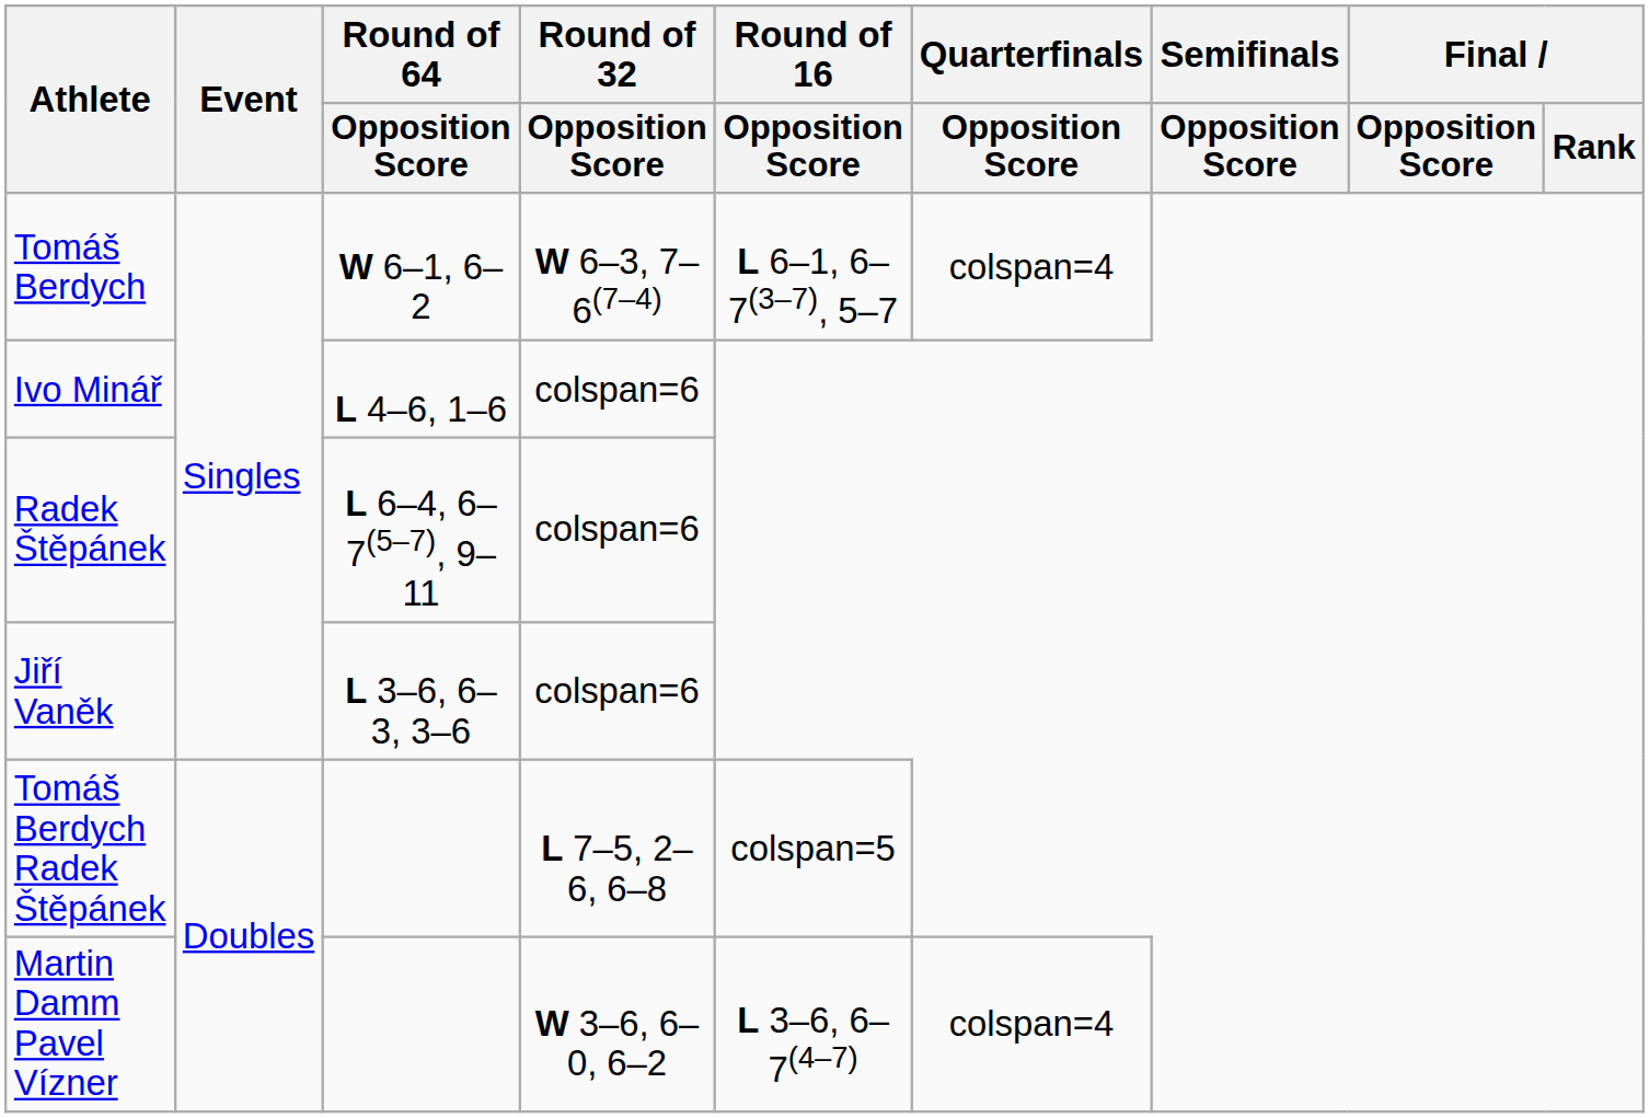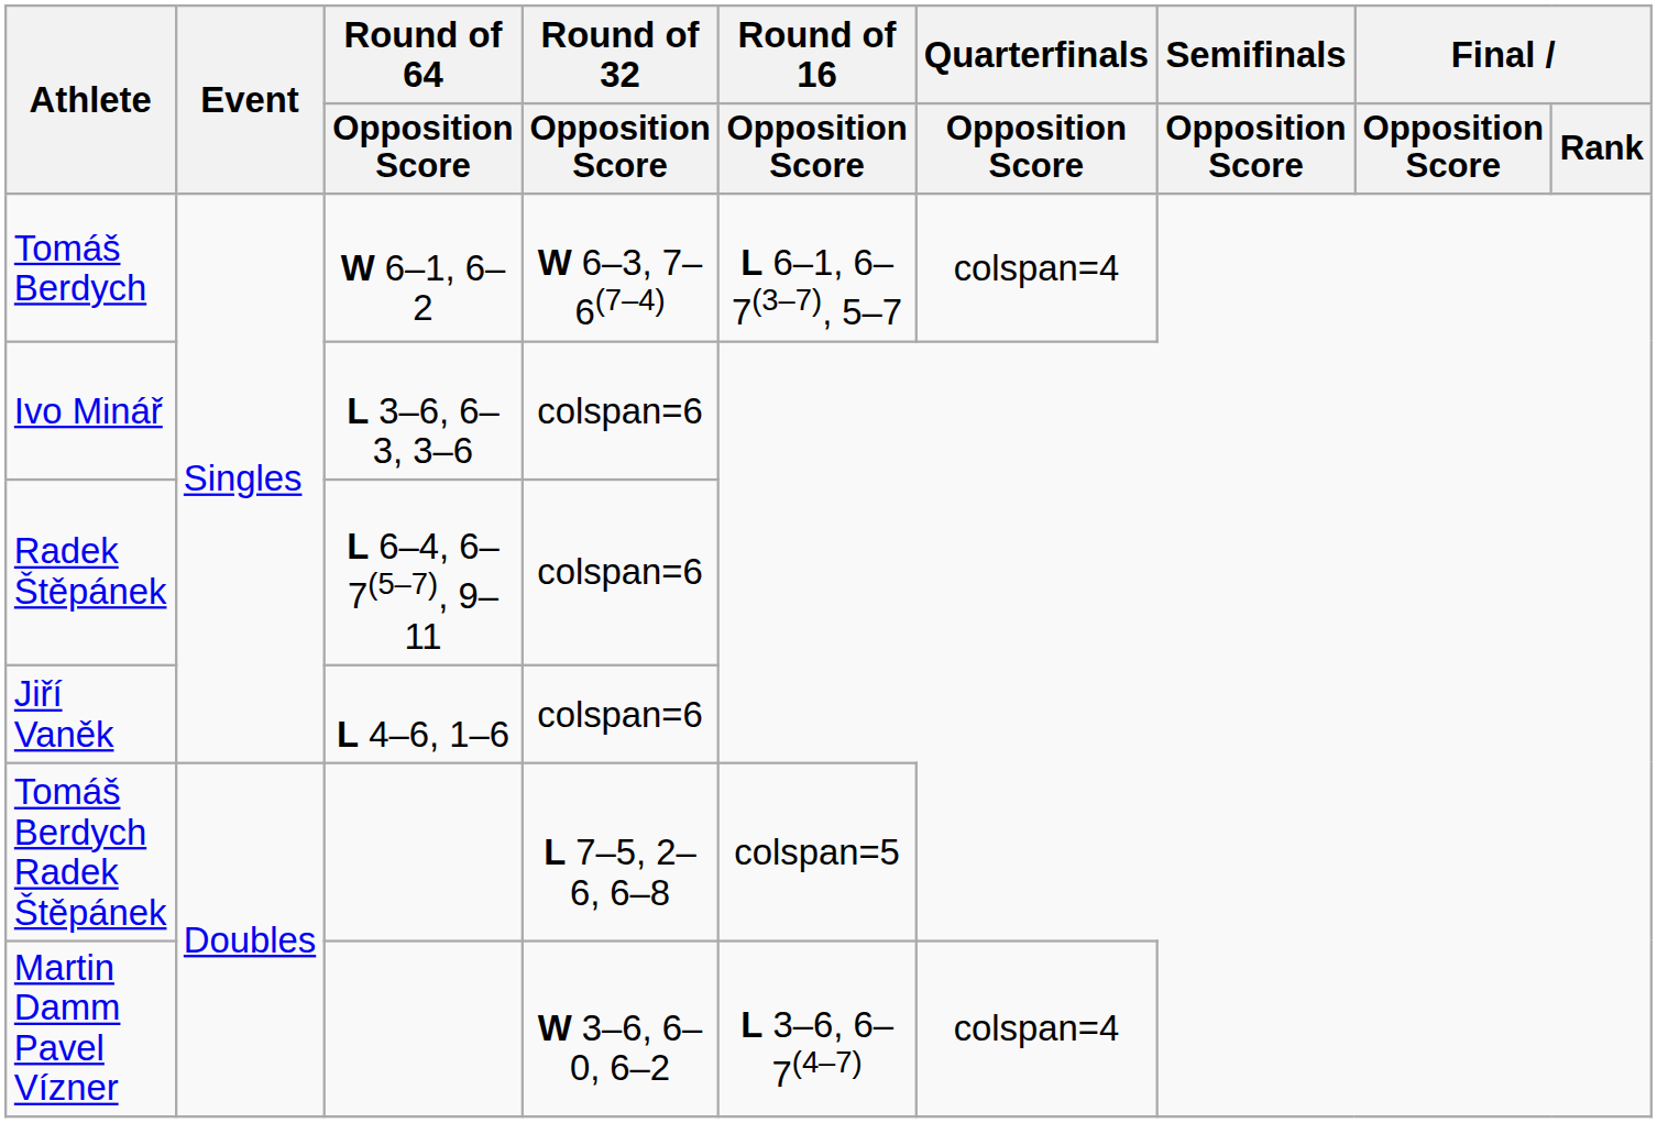 <table class=wikitable style="font-size:90%">
 <tr>
 <th rowspan="2">Athlete</th>
 <th rowspan="2">Event</th>
 <th>Round of 64</th>
 <th>Round of 32</th>
 <th>Round of 16</th>
 <th>Quarterfinals</th>
 <th>Semifinals</th>
 <th colspan=2>Final / </th>
 </tr>
 <tr style="font-size:95%">
 <th>Opposition<br>Score</th>
 <th>Opposition<br>Score</th>
 <th>Opposition<br>Score</th>
 <th>Opposition<br>Score</th>
 <th>Opposition<br>Score</th>
 <th>Opposition<br>Score</th>
 <th>Rank</th>
 </tr>
 <tr align=center>
 <td align=left><a href='#'>Tomáš Berdych</a></td>
 <td align=left rowspan=4><a href='#'>Singles</a></td>
 <td><br><strong>W</strong> 6–1, 6–2</td>
 <td><br><strong>W</strong> 6–3, 7–6<sup>(7–4)</sup></td>
 <td><br><strong>L</strong> 6–1, 6–7<sup>(3–7)</sup>, 5–7</td>
 <td>colspan=4 </td>
 </tr>
 <tr align=center>
 <td align=left><a href='#'>Ivo Minář</a></td>
-<td><br><strong>L</strong> 4–6, 1–6</td>
+<td><br><strong>L</strong> 3–6, 6–3, 3–6</td>
 <td>colspan=6 </td>
 </tr>
 <tr align=center>
 <td align=left><a href='#'>Radek Štěpánek</a></td>
 <td><br><strong>L</strong> 6–4, 6–7<sup>(5–7)</sup>, 9–11</td>
 <td>colspan=6 </td>
 </tr>
 <tr align=center>
 <td align=left><a href='#'>Jiří Vaněk</a></td>
-<td><br><strong>L</strong> 3–6, 6–3, 3–6</td>
+<td><br><strong>L</strong> 4–6, 1–6</td>
 <td>colspan=6 </td>
 </tr>
 <tr align=center>
 <td align=left><a href='#'>Tomáš Berdych</a><br><a href='#'>Radek Štěpánek</a></td>
 <td align=left rowspan=2><a href='#'>Doubles</a></td>
 <td></td>
 <td><br><strong>L</strong> 7–5, 2–6, 6–8</td>
 <td>colspan=5 </td>
 </tr>
 <tr align=center>
 <td align=left><a href='#'>Martin Damm</a><br><a href='#'>Pavel Vízner</a></td>
 <td></td>
 <td><br><strong>W</strong> 3–6, 6–0, 6–2</td>
 <td><br><strong>L</strong> 3–6, 6–7<sup>(4–7)</sup></td>
 <td>colspan=4 </td>
 </tr>
 </table>
